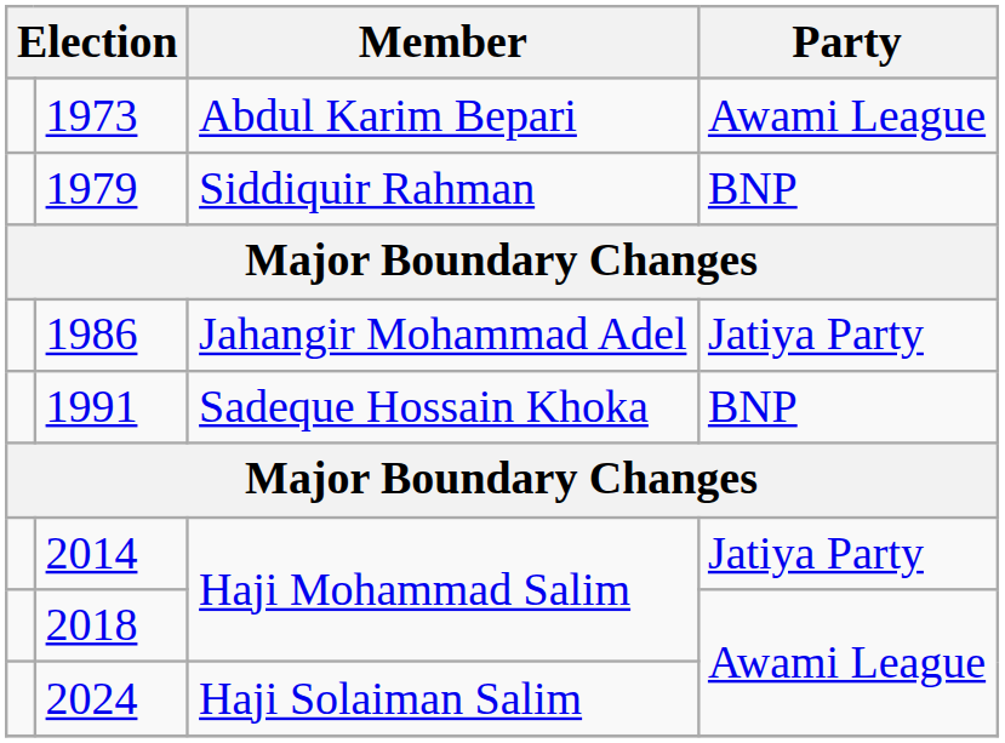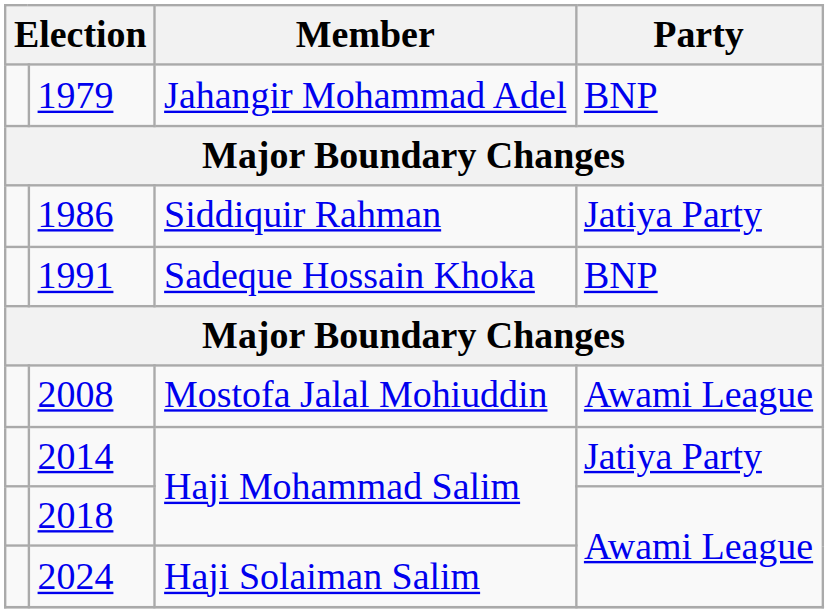 <table class="wikitable">
 <tr>
 <th colspan="2">Election</th>
 <th>Member</th>
 <th>Party</th>
 </tr>
 <tr>
 <td style="background-color:"></td>
-<td><a href='#'>1973</a></td>
-<td><a href='#'>Abdul Karim Bepari</a></td>
-<td><a href='#'>Awami League</a></td>
-</tr>
-<tr>
-<td style="background-color:"></td>
 <td><a href='#'>1979</a></td>
-<td><a href='#'>Siddiquir Rahman</a></td>
+<td><a href='#'>Jahangir Mohammad Adel</a></td>
 <td><a href='#'>BNP</a></td>
 </tr>
 <tr>
 <th colspan="4">Major Boundary Changes</th>
 </tr>
 <tr>
 <td style="background-color:"></td>
 <td><a href='#'>1986</a></td>
-<td><a href='#'>Jahangir Mohammad Adel</a></td>
+<td><a href='#'>Siddiquir Rahman</a></td>
 <td><a href='#'>Jatiya Party</a></td>
 </tr>
 <tr>
 <td style="background-color:"></td>
 <td><a href='#'>1991</a></td>
 <td><a href='#'>Sadeque Hossain Khoka</a></td>
 <td><a href='#'>BNP</a></td>
 </tr>
 <tr>
 <th colspan="4">Major Boundary Changes</th>
+</tr>
+<tr>
+<td style="background-color:"></td>
+<td><a href='#'>2008</a></td>
+<td><a href='#'>Mostofa Jalal Mohiuddin</a></td>
+<td><a href='#'>Awami League</a></td>
 </tr>
 <tr>
 <td style="background-color:"></td>
 <td><a href='#'>2014</a></td>
 <td rowspan="2"><a href='#'>Haji Mohammad Salim</a></td>
 <td><a href='#'>Jatiya Party</a></td>
 </tr>
 <tr>
 <td style="background-color:"></td>
 <td><a href='#'>2018</a></td>
 <td rowspan="2"><a href='#'>Awami League</a></td>
 </tr>
 <tr>
 <td style="background-color:"></td>
 <td><a href='#'>2024</a></td>
 <td><a href='#'>Haji Solaiman Salim</a></td>
 </tr>
 <tr>
 </tr>
 </table>
